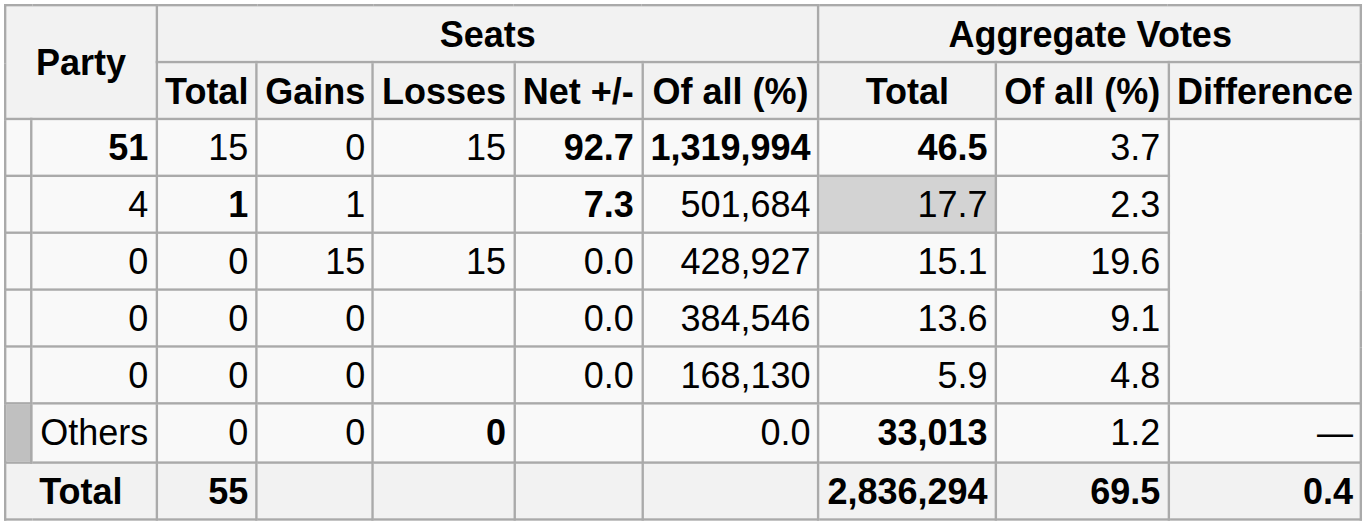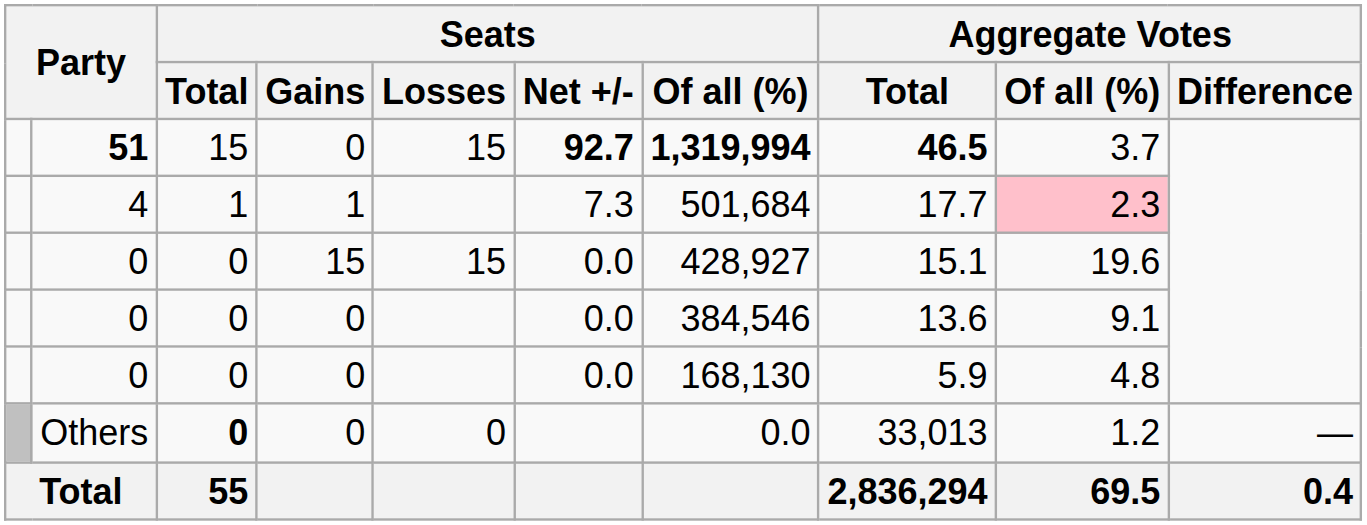 <table class="wikitable sortable" style="text-align:right; font-size:95%;">
 <tr>
 <th colspan="2" rowspan="2">Party</th>
 <th colspan="5">Seats</th>
 <th colspan="3">Aggregate Votes</th>
 </tr>
 <tr>
 <th>Total</th>
 <th>Gains</th>
 <th>Losses</th>
 <th>Net +/-</th>
 <th>Of all (%)</th>
 <th>Total</th>
 <th>Of all (%)</th>
 <th>Difference</th>
 </tr>
 <tr>
 <td></td>
 <td><strong>51</strong></td>
 <td>15</td>
 <td>0</td>
 <td>15</td>
 <td><strong>92.7</strong></td>
 <td><strong>1,319,994</strong></td>
 <td><strong>46.5</strong></td>
 <td>3.7</td>
 </tr>
 <tr>
 <td></td>
 <td>4</td>
-<td><strong>1</strong></td>
+<td>1</td>
 <td>1</td>
 <td></td>
-<td><strong>7.3</strong></td>
+<td>7.3</td>
 <td>501,684</td>
-<td style="background: lightgrey;">17.7</td>
-<td>2.3</td>
+<td>17.7</td>
+<td style="background: pink;">2.3</td>
 </tr>
 <tr>
 <td></td>
 <td>0</td>
 <td>0</td>
 <td>15</td>
 <td>15</td>
 <td>0.0</td>
 <td>428,927</td>
 <td>15.1</td>
 <td>19.6</td>
 </tr>
 <tr>
 <td></td>
 <td>0</td>
 <td>0</td>
 <td>0</td>
 <td></td>
 <td>0.0</td>
 <td>384,546</td>
 <td>13.6</td>
 <td>9.1</td>
 </tr>
 <tr>
 <td></td>
 <td>0</td>
 <td>0</td>
 <td>0</td>
 <td></td>
 <td>0.0</td>
 <td>168,130</td>
 <td>5.9</td>
 <td>4.8</td>
 </tr>
 <tr>
 <td style="background:silver;"> </td>
 <td align=left>Others</td>
+<td><strong>0</strong></td>
 <td>0</td>
 <td>0</td>
-<td><strong>0</strong></td>
 <td></td>
 <td>0.0</td>
-<td><strong>33,013</strong></td>
+<td>33,013</td>
 <td>1.2</td>
 <td>—</td>
 </tr>
 <tr class="sortbottom">
 <th colspan="2" style="background:#f2f2f2"><strong>Total</strong></th>
 <td style="background:#f2f2f2;"><strong>55</strong></td>
 <td style="background:#f2f2f2;"></td>
 <td style="background:#f2f2f2;"></td>
 <td style="background:#f2f2f2;"></td>
 <td style="background:#f2f2f2;"></td>
 <td style="background:#f2f2f2;"><strong>2,836,294</strong></td>
 <td style="background:#f2f2f2;"><strong>69.5</strong></td>
 <td style="background:#f2f2f2;"><strong>0.4</strong></td>
 </tr>
 </table>
